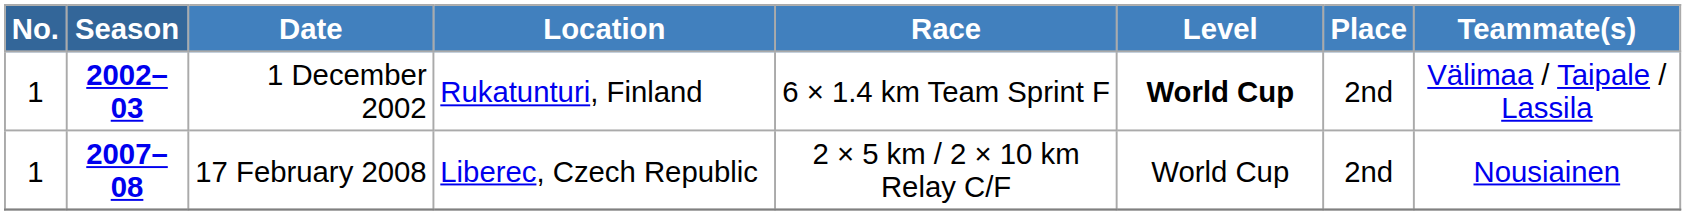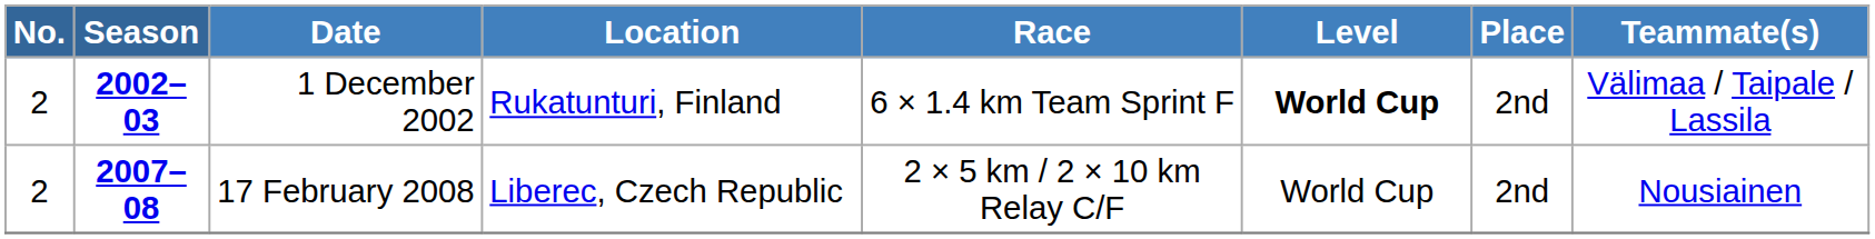 <table class="wikitable sortable" style="font-size:95%; text-align:center; border:grey solid 1px; border-collapse:collapse; background:#ffffff;">
 <tr style="background:#efefef;">
 <th style="background-color:#369; color:white;">No.</th>
 <th style="background-color:#369; color:white;">Season</th>
 <th style="background-color:#4180be; color:white; width:120px;">Date</th>
 <th style="background-color:#4180be; color:white; width:170px;">Location</th>
 <th style="background-color:#4180be; color:white; width:170px;">Race</th>
 <th style="background-color:#4180be; color:white; width:100px;">Level</th>
 <th style="background-color:#4180be; color:white;">Place</th>
 <th style="background-color:#4180be; color:white;">Teammate(s)</th>
 </tr>
 <tr>
-<td align=center>1</td>
+<td align=center>2</td>
 <td rowspan=1 align=center><strong><a href='#'>2002–03</a></strong></td>
 <td align=right>1 December 2002</td>
 <td align=left> <a href='#'>Rukatunturi</a>, Finland</td>
 <td>6 × 1.4 km Team Sprint F</td>
 <td><strong>World Cup</strong></td>
 <td>2nd</td>
 <td><a href='#'>Välimaa</a> / <a href='#'>Taipale</a> / <a href='#'>Lassila</a></td>
 </tr>
 <tr>
-<td align=center>1</td>
+<td align=center>2</td>
 <td rowspan=1 align=center><strong><a href='#'>2007–08</a></strong></td>
 <td align=right>17 February 2008</td>
 <td align=left> <a href='#'>Liberec</a>, Czech Republic</td>
 <td>2 × 5 km / 2 × 10 km Relay C/F</td>
 <td>World Cup</td>
 <td>2nd</td>
 <td><a href='#'>Nousiainen</a></td>
 </tr>
 <tr>
 </tr>
 </table>
